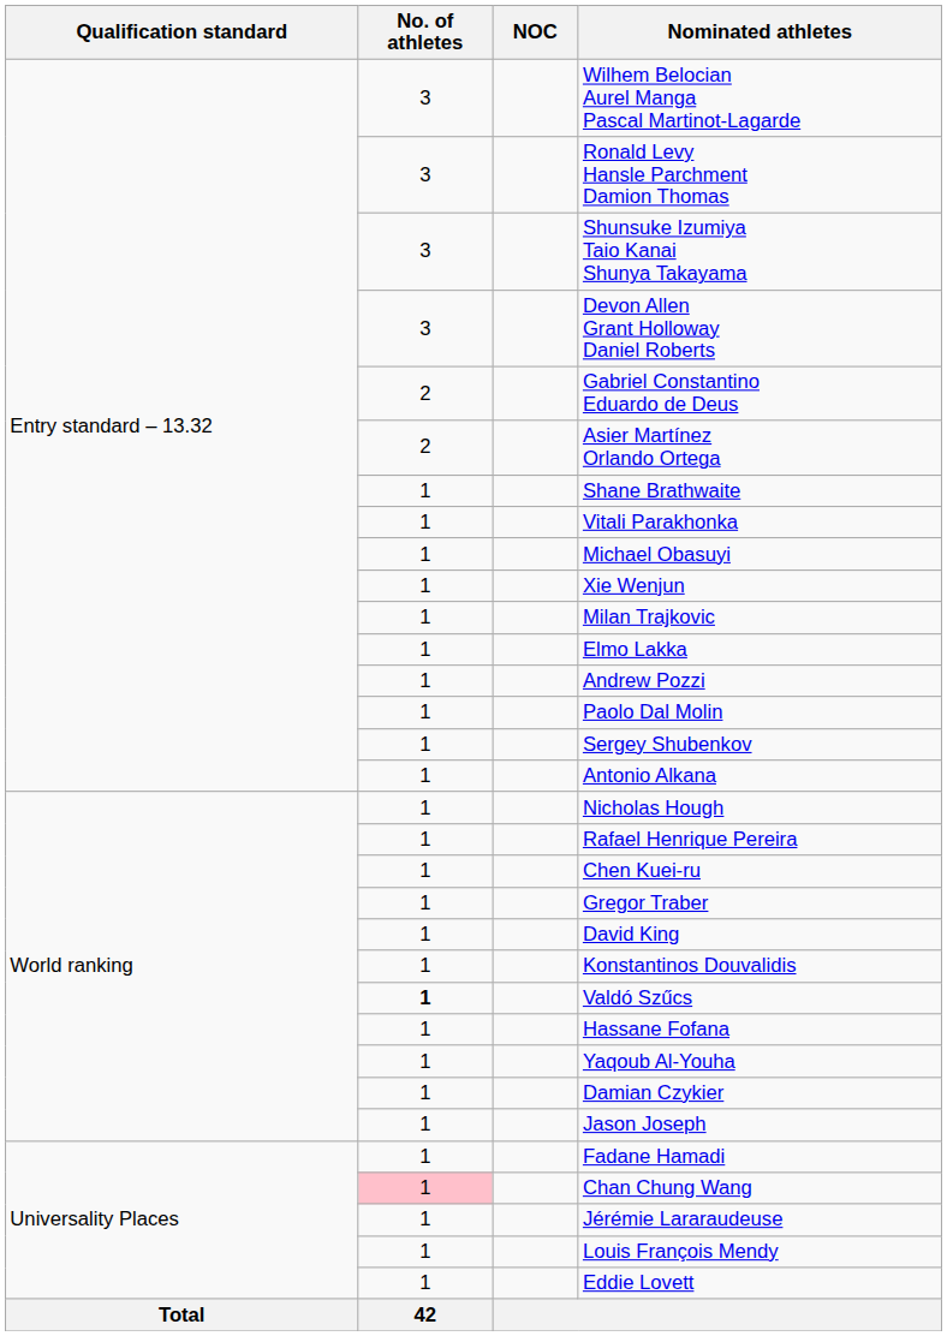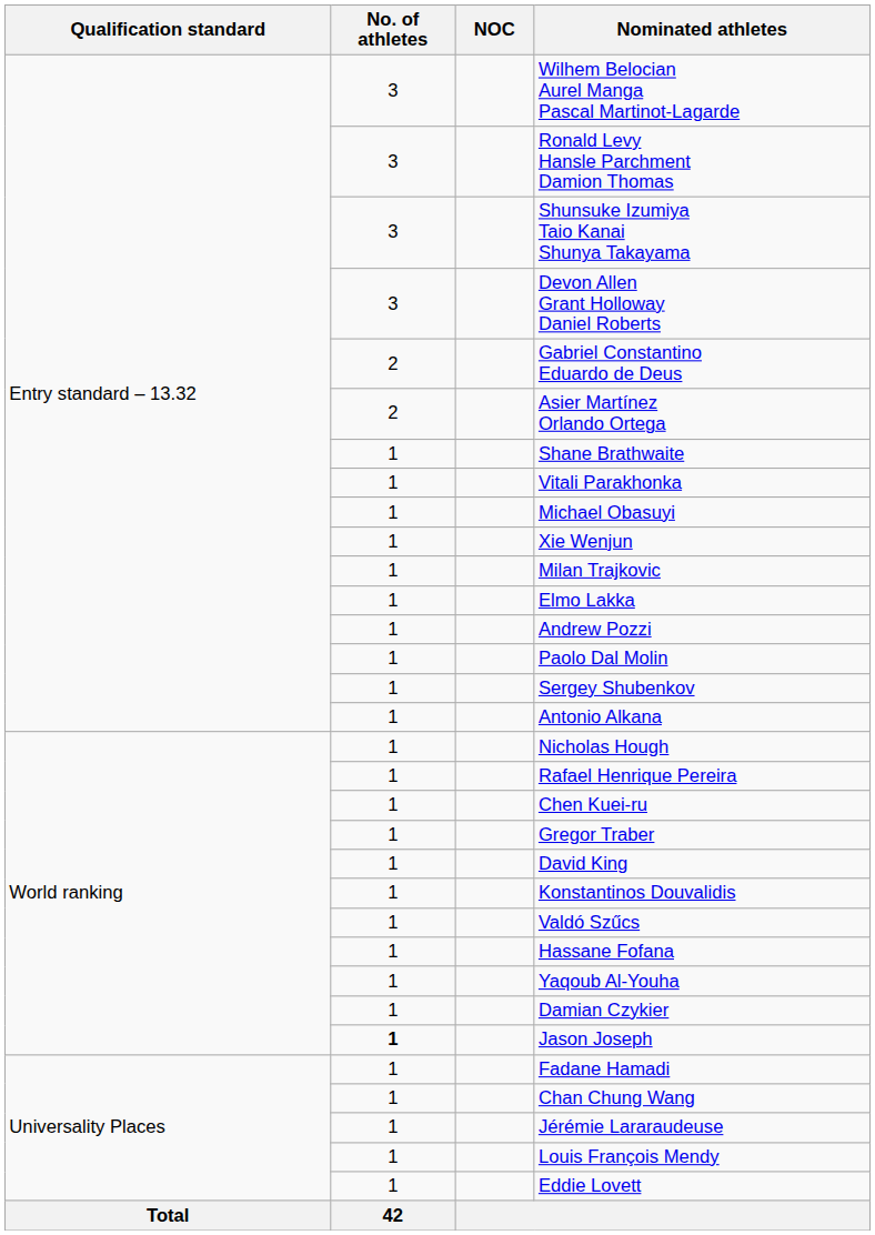 <table class="wikitable" style="text-align:left; width:750px;">
 <tr>
 <th>Qualification standard</th>
 <th width=100>No. of athletes</th>
 <th>NOC</th>
 <th>Nominated athletes</th>
 </tr>
 <tr>
 <td rowspan=16>Entry standard – 13.32</td>
 <td align=center>3</td>
 <td></td>
 <td><a href='#'>Wilhem Belocian</a><br><a href='#'>Aurel Manga</a><br><a href='#'>Pascal Martinot-Lagarde</a></td>
 </tr>
 <tr>
 <td align=center>3</td>
 <td></td>
 <td><a href='#'>Ronald Levy</a><br><a href='#'>Hansle Parchment</a><br><a href='#'>Damion Thomas</a></td>
 </tr>
 <tr>
 <td align=center>3</td>
 <td></td>
 <td><a href='#'>Shunsuke Izumiya</a><br><a href='#'>Taio Kanai</a><br><a href='#'>Shunya Takayama</a></td>
 </tr>
 <tr>
 <td align=center>3</td>
 <td></td>
 <td><a href='#'>Devon Allen</a><br><a href='#'>Grant Holloway</a><br><a href='#'>Daniel Roberts</a></td>
 </tr>
 <tr>
 <td align=center>2</td>
 <td></td>
 <td><a href='#'>Gabriel Constantino</a><br><a href='#'>Eduardo de Deus</a></td>
 </tr>
 <tr>
 <td align=center>2</td>
 <td></td>
 <td><a href='#'>Asier Martínez</a><br><a href='#'>Orlando Ortega</a></td>
 </tr>
 <tr>
 <td align=center>1</td>
 <td></td>
 <td><a href='#'>Shane Brathwaite</a></td>
 </tr>
 <tr>
 <td align=center>1</td>
 <td></td>
 <td><a href='#'>Vitali Parakhonka</a></td>
 </tr>
 <tr>
 <td align=center>1</td>
 <td></td>
 <td><a href='#'>Michael Obasuyi</a></td>
 </tr>
 <tr>
 <td align=center>1</td>
 <td></td>
 <td><a href='#'>Xie Wenjun</a></td>
 </tr>
 <tr>
 <td align=center>1</td>
 <td></td>
 <td><a href='#'>Milan Trajkovic</a></td>
 </tr>
 <tr>
 <td align=center>1</td>
 <td></td>
 <td><a href='#'>Elmo Lakka</a></td>
 </tr>
 <tr>
 <td align=center>1</td>
 <td></td>
 <td><a href='#'>Andrew Pozzi</a></td>
 </tr>
 <tr>
 <td align=center>1</td>
 <td></td>
 <td><a href='#'>Paolo Dal Molin</a></td>
 </tr>
 <tr>
 <td align=center>1</td>
 <td></td>
 <td><a href='#'>Sergey Shubenkov</a></td>
 </tr>
 <tr>
 <td align=center>1</td>
 <td></td>
 <td><a href='#'>Antonio Alkana</a></td>
 </tr>
 <tr>
 <td rowspan=11>World ranking</td>
 <td align=center>1</td>
 <td></td>
 <td><a href='#'>Nicholas Hough</a></td>
 </tr>
 <tr>
 <td align=center>1</td>
 <td></td>
 <td><a href='#'>Rafael Henrique Pereira</a></td>
 </tr>
 <tr>
 <td align=center>1</td>
 <td></td>
 <td><a href='#'>Chen Kuei-ru</a></td>
 </tr>
 <tr>
 <td align=center>1</td>
 <td></td>
 <td><a href='#'>Gregor Traber</a></td>
 </tr>
 <tr>
 <td align=center>1</td>
 <td></td>
 <td><a href='#'>David King</a></td>
 </tr>
 <tr>
 <td align=center>1</td>
 <td></td>
 <td><a href='#'>Konstantinos Douvalidis</a></td>
 </tr>
 <tr>
-<td align=center><strong>1</strong></td>
+<td align=center>1</td>
 <td></td>
 <td><a href='#'>Valdó Szűcs</a></td>
 </tr>
 <tr>
 <td align=center>1</td>
 <td></td>
 <td><a href='#'>Hassane Fofana</a></td>
 </tr>
 <tr>
 <td align=center>1</td>
 <td></td>
 <td><a href='#'>Yaqoub Al-Youha</a></td>
 </tr>
 <tr>
 <td align=center>1</td>
 <td></td>
 <td><a href='#'>Damian Czykier</a></td>
 </tr>
 <tr>
-<td align=center>1</td>
+<td align=center><strong>1</strong></td>
 <td></td>
 <td><a href='#'>Jason Joseph</a></td>
 </tr>
 <tr>
 <td rowspan=5>Universality Places</td>
 <td align=center>1</td>
 <td></td>
 <td><a href='#'>Fadane Hamadi</a></td>
 </tr>
 <tr>
-<td align=center style="background: pink;">1</td>
+<td align=center>1</td>
 <td></td>
 <td><a href='#'>Chan Chung Wang</a></td>
 </tr>
 <tr>
 <td align=center>1</td>
 <td></td>
 <td><a href='#'>Jérémie Lararaudeuse</a></td>
 </tr>
 <tr>
 <td align=center>1</td>
 <td></td>
 <td><a href='#'>Louis François Mendy</a></td>
 </tr>
 <tr>
 <td align=center>1</td>
 <td></td>
 <td><a href='#'>Eddie Lovett</a></td>
 </tr>
 <tr>
 <th>Total</th>
 <th>42</th>
 <th colspan=2></th>
 </tr>
 </table>
